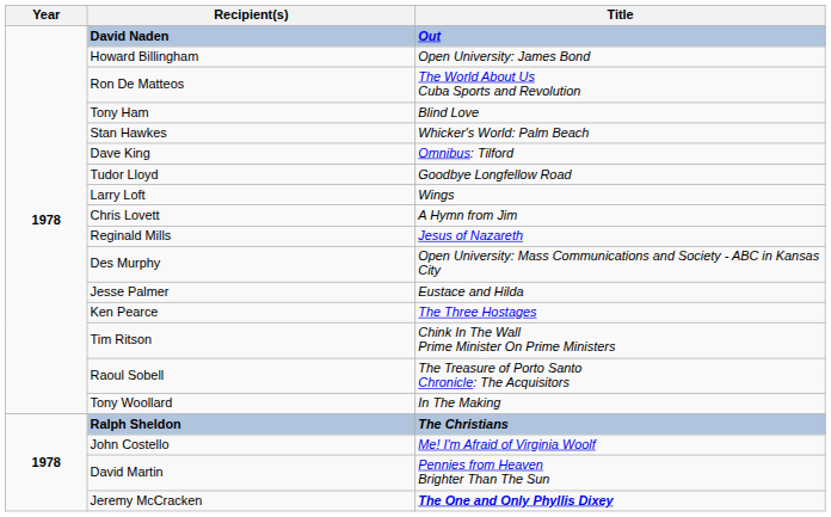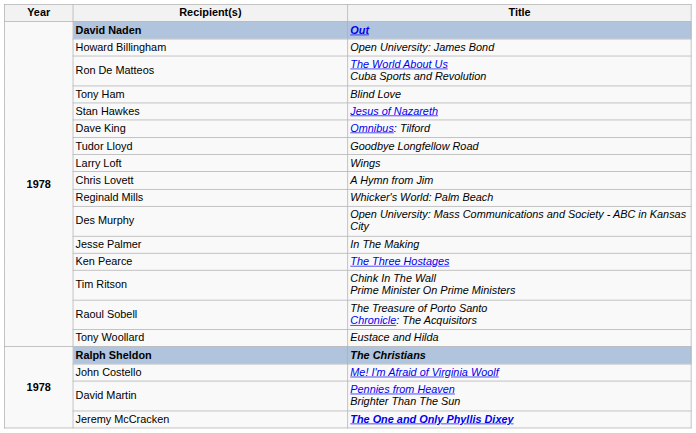 <table class="wikitable" width="80%">
 <tr>
 <th width=5%>Year</th>
 <th width=20%><strong>Recipient(s)</strong></th>
 <th width=25%><strong>Title</strong></th>
 </tr>
 <tr>
 <td rowspan="16" style="text-align:center;"><strong>1978</strong></td>
 <td style="background:#B0C4DE;"><strong>David Naden</strong></td>
 <td style="background:#B0C4DE;"><strong><em><a href='#'>Out</a></em></strong></td>
 </tr>
 <tr>
 <td>Howard Billingham</td>
 <td><em>Open University: James Bond</em></td>
 </tr>
 <tr>
 <td>Ron De Matteos</td>
 <td><em><a href='#'>The World About Us</a><br>Cuba Sports and Revolution</em></td>
 </tr>
 <tr>
 <td>Tony Ham</td>
 <td><em>Blind Love</em></td>
 </tr>
 <tr>
 <td>Stan Hawkes</td>
-<td><em>Whicker's World: Palm Beach</em></td>
+<td><em><a href='#'>Jesus of Nazareth</a></em></td>
 </tr>
 <tr>
 <td>Dave King</td>
 <td><em><a href='#'>Omnibus</a>: Tilford</em></td>
 </tr>
 <tr>
 <td>Tudor Lloyd</td>
 <td><em>Goodbye Longfellow Road</em></td>
 </tr>
 <tr>
 <td>Larry Loft</td>
 <td><em>Wings</em></td>
 </tr>
 <tr>
 <td>Chris Lovett</td>
 <td><em>A Hymn from Jim</em></td>
 </tr>
 <tr>
 <td>Reginald Mills</td>
-<td><em><a href='#'>Jesus of Nazareth</a></em></td>
+<td><em>Whicker's World: Palm Beach</em></td>
 </tr>
 <tr>
 <td>Des Murphy</td>
 <td><em>Open University: Mass Communications and Society - ABC in Kansas City</em></td>
 </tr>
 <tr>
 <td>Jesse Palmer</td>
-<td><em>Eustace and Hilda</em></td>
+<td><em>In The Making</em></td>
 </tr>
 <tr>
 <td>Ken Pearce</td>
 <td><em><a href='#'>The Three Hostages</a></em></td>
 </tr>
 <tr>
 <td>Tim Ritson</td>
 <td><em>Chink In The Wall<br>Prime Minister On Prime Ministers</em></td>
 </tr>
 <tr>
 <td>Raoul Sobell</td>
 <td><em>The Treasure of Porto Santo<br><a href='#'>Chronicle</a>: The Acquisitors</em></td>
 </tr>
 <tr>
 <td>Tony Woollard</td>
-<td><em>In The Making</em></td>
+<td><em>Eustace and Hilda</em></td>
 </tr>
 <tr>
 <td rowspan="4" style="text-align:center;"><strong>1978</strong></td>
 <td style="background:#B0C4DE;"><strong>Ralph Sheldon</strong></td>
 <td style="background:#B0C4DE;"><strong><em>The Christians</em></strong></td>
 </tr>
 <tr>
 <td>John Costello</td>
 <td><em><a href='#'>Me! I'm Afraid of Virginia Woolf</a></em></td>
 </tr>
 <tr>
 <td>David Martin</td>
 <td><em><a href='#'>Pennies from Heaven</a><br>Brighter Than The Sun</em></td>
 </tr>
 <tr>
 <td>Jeremy McCracken</td>
 <td><strong><em><a href='#'>The One and Only Phyllis Dixey</a></em></strong></td>
 </tr>
 </table>
